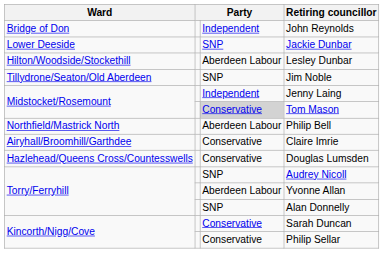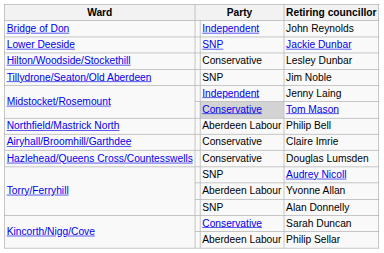 <table class="wikitable sortable">
 <tr>
 <th scope="col">Ward</th>
 <th scope="col" colspan="2">Party</th>
 <th scope="col">Retiring councillor</th>
 </tr>
 <tr>
 <td scope="row"><a href='#'>Bridge of Don</a></td>
 <td style="background-color: "></td>
 <td><a href='#'>Independent</a></td>
 <td>John Reynolds</td>
 </tr>
 <tr>
 <td scope="row"><a href='#'>Lower Deeside</a></td>
 <td style="background-color: "></td>
 <td><a href='#'>SNP</a></td>
 <td><a href='#'>Jackie Dunbar</a></td>
 </tr>
 <tr>
 <td scope="row"><a href='#'>Hilton/Woodside/Stockethill</a></td>
 <td style="background-color: "></td>
-<td>Aberdeen Labour</td>
+<td>Conservative</td>
 <td>Lesley Dunbar</td>
 </tr>
 <tr>
 <td scope="row"><a href='#'>Tillydrone/Seaton/Old Aberdeen</a></td>
 <td style="background-color: "></td>
 <td>SNP</td>
 <td>Jim Noble</td>
 </tr>
 <tr>
 <td scope="row" rowspan="2"><a href='#'>Midstocket/Rosemount</a></td>
 <td style="background-color: "></td>
 <td><a href='#'>Independent</a></td>
 <td>Jenny Laing</td>
 </tr>
 <tr>
 <td style="background-color: "></td>
 <td style="background: lightgrey;"><a href='#'>Conservative</a></td>
 <td><a href='#'>Tom Mason</a></td>
 </tr>
 <tr>
 <td scope="row"><a href='#'>Northfield/Mastrick North</a></td>
 <td style="background-color: "></td>
 <td>Aberdeen Labour</td>
 <td>Philip Bell</td>
 </tr>
 <tr>
 <td scope="row"><a href='#'>Airyhall/Broomhill/Garthdee</a></td>
 <td style="background-color: "></td>
 <td>Conservative</td>
 <td>Claire Imrie</td>
 </tr>
 <tr>
 <td scope="row"><a href='#'>Hazlehead/Queens Cross/Countesswells</a></td>
 <td style="background-color: "></td>
 <td>Conservative</td>
 <td>Douglas Lumsden</td>
 </tr>
 <tr>
 <td scope="row" rowspan="3"><a href='#'>Torry/Ferryhill</a></td>
 <td style="background-color: "></td>
 <td>SNP</td>
 <td><a href='#'>Audrey Nicoll</a></td>
 </tr>
 <tr>
 <td style="background-color: "></td>
 <td>Aberdeen Labour</td>
 <td>Yvonne Allan</td>
 </tr>
 <tr>
 <td style="background-color: "></td>
 <td>SNP</td>
 <td>Alan Donnelly</td>
 </tr>
 <tr>
 <td scope="row" rowspan="2"><a href='#'>Kincorth/Nigg/Cove</a></td>
 <td style="background-color: "></td>
 <td><a href='#'>Conservative</a></td>
 <td>Sarah Duncan</td>
 </tr>
 <tr>
 <td style="background-color: "></td>
-<td>Conservative</td>
+<td>Aberdeen Labour</td>
 <td>Philip Sellar</td>
 </tr>
 </table>
